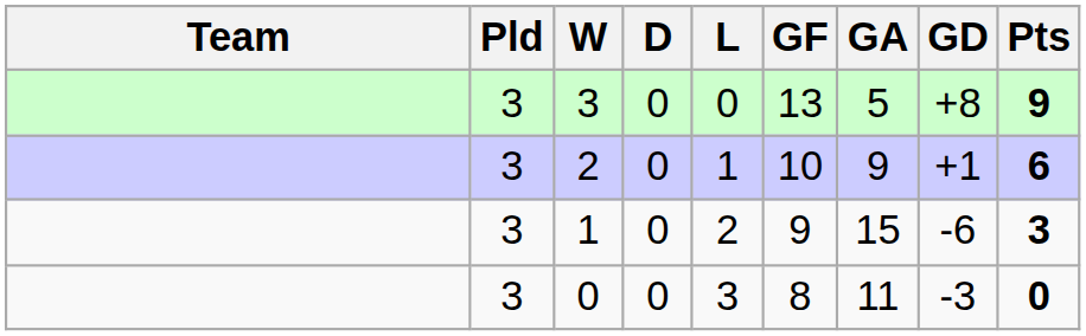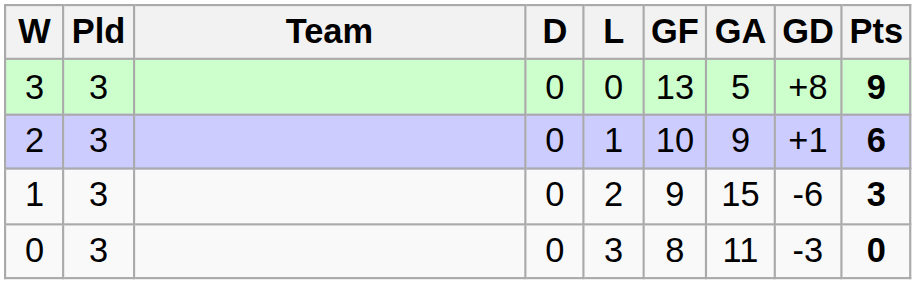 <table class="wikitable" style="text-align: center;">
 <tr>
+<th width="20">W</th>
+<th width="20">Pld</th>
 <th style="width:175px;">Team</th>
-<th width="20">Pld</th>
-<th width="20">W</th>
 <th width="20">D</th>
 <th width="20">L</th>
 <th width="20">GF</th>
 <th width="20">GA</th>
 <th width="20">GD</th>
 <th width="20">Pts</th>
 </tr>
 <tr style="background:#cfc;">
-<td style="text-align:left;"></td>
 <td>3</td>
 <td>3</td>
+<td style="text-align:left;"></td>
 <td>0</td>
 <td>0</td>
 <td>13</td>
 <td>5</td>
 <td>+8</td>
 <td><strong>9</strong></td>
 </tr>
 <tr style="background:#ccf;">
+<td>2</td>
+<td>3</td>
 <td style="text-align:left;"></td>
-<td>3</td>
-<td>2</td>
 <td>0</td>
 <td>1</td>
 <td>10</td>
 <td>9</td>
 <td>+1</td>
 <td><strong>6</strong></td>
 </tr>
 <tr>
+<td>1</td>
+<td>3</td>
 <td style="text-align:left;"></td>
-<td>3</td>
-<td>1</td>
 <td>0</td>
 <td>2</td>
 <td>9</td>
 <td>15</td>
 <td>-6</td>
 <td><strong>3</strong></td>
 </tr>
 <tr>
+<td>0</td>
+<td>3</td>
 <td style="text-align:left;"></td>
-<td>3</td>
-<td>0</td>
 <td>0</td>
 <td>3</td>
 <td>8</td>
 <td>11</td>
 <td>-3</td>
 <td><strong>0</strong></td>
 </tr>
 </table>
